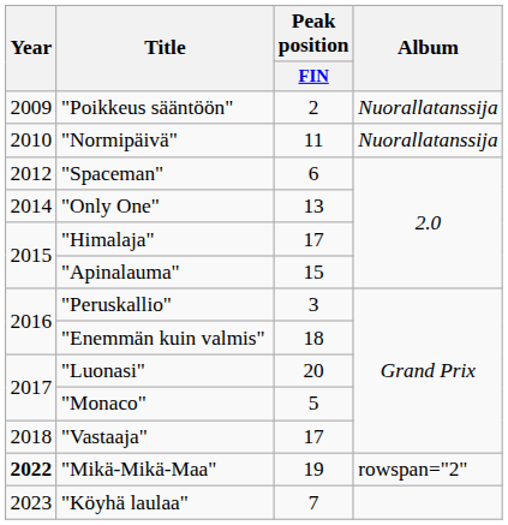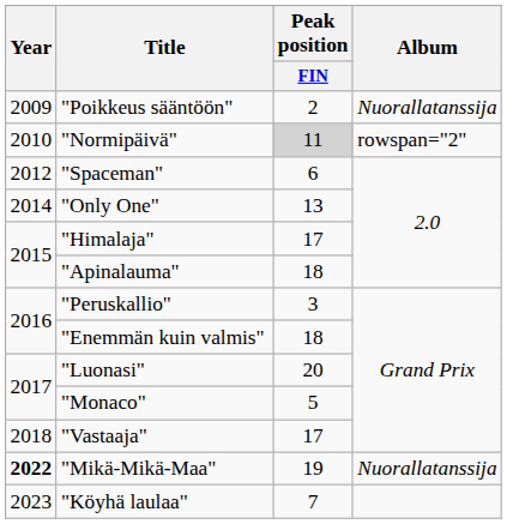 <table class="wikitable">
 <tr>
 <th align="center" rowspan="2" width="10">Year</th>
 <th align="center" rowspan="2" width="160">Title</th>
 <th align="center" colspan="1" width="20">Peak position</th>
 <th align="center" rowspan="2" width="70">Album</th>
 </tr>
 <tr>
 <th scope="col" style="width:3em;font-size:85%;"><a href='#'>FIN</a><br></th>
 </tr>
 <tr>
 <td>2009</td>
 <td>"Poikkeus sääntöön"</td>
 <td style="text-align:center;">2</td>
 <td style="text-align:center;"><em>Nuorallatanssija</em></td>
 </tr>
 <tr>
 <td>2010</td>
 <td>"Normipäivä"</td>
-<td style="text-align:center;">11</td>
-<td style="text-align:center;"><em>Nuorallatanssija</em></td>
+<td style="background: lightgrey; text-align:center;">11</td>
+<td>rowspan="2" </td>
 </tr>
 <tr>
 <td>2012</td>
 <td>"Spaceman"</td>
 <td style="text-align:center;">6</td>
 <td style="text-align:center;" rowspan=4><em>2.0</em></td>
 </tr>
 <tr>
 <td>2014</td>
 <td>"Only One"</td>
 <td style="text-align:center;">13</td>
 </tr>
 <tr>
 <td align="center" rowspan="2">2015</td>
 <td>"Himalaja"</td>
 <td style="text-align:center;">17</td>
 </tr>
 <tr>
 <td>"Apinalauma"</td>
-<td style="text-align:center;">15</td>
+<td style="text-align:center;">18</td>
 </tr>
 <tr>
 <td rowspan="2">2016</td>
 <td>"Peruskallio"</td>
 <td style="text-align:center;">3</td>
 <td style="text-align:center;" rowspan=5><em>Grand Prix</em></td>
 </tr>
 <tr>
 <td>"Enemmän kuin valmis"</td>
 <td style="text-align:center;">18</td>
 </tr>
 <tr>
 <td rowspan="2">2017</td>
 <td>"Luonasi"</td>
 <td style="text-align:center;">20</td>
 </tr>
 <tr>
 <td>"Monaco"</td>
 <td style="text-align:center;">5</td>
 </tr>
 <tr>
 <td>2018</td>
 <td>"Vastaaja"<br></td>
 <td style="text-align:center;">17</td>
 </tr>
 <tr>
 <td><strong>2022</strong></td>
 <td>"Mikä-Mikä-Maa"<br></td>
 <td style="text-align:center;">19</td>
-<td>rowspan="2" </td>
+<td style="text-align:center;"><em>Nuorallatanssija</em></td>
 </tr>
 <tr>
 <td>2023</td>
 <td>"Köyhä laulaa"<br></td>
 <td style="text-align:center;">7<br></td>
 </tr>
 </table>
